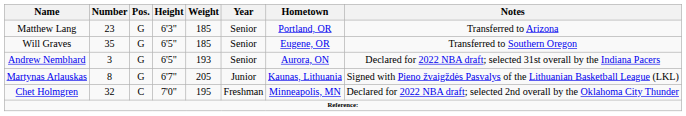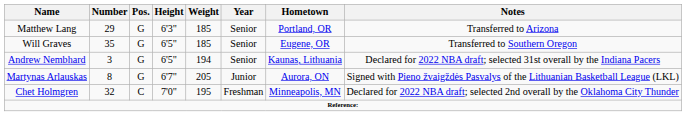 <table class="wikitable sortable" style="text-align: center">
 <tr align=center>
 <th>Name</th>
 <th>Number</th>
 <th>Pos.</th>
 <th>Height</th>
 <th>Weight</th>
 <th>Year</th>
 <th>Hometown</th>
 <th>Notes</th>
 </tr>
 <tr>
 <td>Matthew Lang</td>
-<td>23</td>
+<td>29</td>
 <td>G</td>
 <td>6'3"</td>
 <td>185</td>
 <td>Senior</td>
 <td><a href='#'>Portland, OR</a></td>
 <td>Transferred to <a href='#'>Arizona</a></td>
 </tr>
 <tr>
 <td>Will Graves</td>
 <td>35</td>
 <td>G</td>
 <td>6'5"</td>
 <td>185</td>
 <td>Senior</td>
 <td><a href='#'>Eugene, OR</a></td>
 <td>Transferred to <a href='#'>Southern Oregon</a></td>
 </tr>
 <tr>
 <td><a href='#'>Andrew Nembhard</a></td>
 <td>3</td>
 <td>G</td>
 <td>6'5"</td>
-<td>193</td>
+<td>194</td>
 <td>Senior</td>
-<td><a href='#'>Aurora, ON</a></td>
+<td><a href='#'>Kaunas, Lithuania</a></td>
 <td>Declared for <a href='#'>2022 NBA draft</a>; selected 31st overall by the <a href='#'>Indiana Pacers</a></td>
 </tr>
 <tr>
 <td><a href='#'>Martynas Arlauskas</a></td>
 <td>8</td>
 <td>G</td>
 <td>6'7"</td>
 <td>205</td>
 <td>Junior</td>
-<td><a href='#'>Kaunas, Lithuania</a></td>
+<td><a href='#'>Aurora, ON</a></td>
 <td>Signed with <a href='#'>Pieno žvaigždės Pasvalys</a> of the <a href='#'>Lithuanian Basketball League</a> (LKL)</td>
 </tr>
 <tr>
 <td><a href='#'>Chet Holmgren</a></td>
 <td>32</td>
 <td>C</td>
 <td>7'0"</td>
 <td>195</td>
 <td>Freshman</td>
 <td><a href='#'>Minneapolis, MN</a></td>
 <td>Declared for <a href='#'>2022 NBA draft</a>; selected 2nd overall by the <a href='#'>Oklahoma City Thunder</a></td>
 </tr>
 <tr>
 <td colspan="8" style="font-size:8pt; text-align:center;"><strong>Reference:</strong></td>
 </tr>
 </table>
